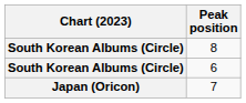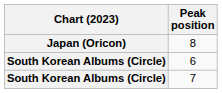 <table class="wikitable sortable plainrowheaders" style="text-align:center">
 <tr>
 <th scope="col">Chart (2023)</th>
 <th scope="col">Peak<br>position</th>
 </tr>
 <tr>
-<th scope="row">South Korean Albums (Circle)<br></th>
+<th scope="row">Japan (Oricon)</th>
 <td>8</td>
 </tr>
 <tr>
 <th scope="row">South Korean Albums (Circle)</th>
 <td>6</td>
 </tr>
 <tr>
-<th scope="row">Japan (Oricon)</th>
+<th scope="row">South Korean Albums (Circle)<br></th>
 <td>7</td>
 </tr>
 </table>
